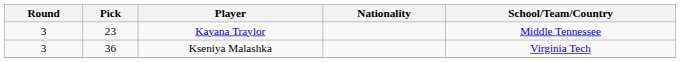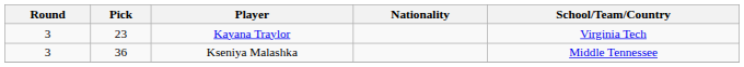 <table class="wikitable" style="text-align:center; width:60em">
 <tr>
 <th>Round</th>
 <th>Pick</th>
 <th>Player</th>
 <th>Nationality</th>
 <th>School/Team/Country</th>
 </tr>
 <tr>
 <td>3</td>
 <td>23</td>
 <td><a href='#'>Kayana Traylor</a></td>
 <td></td>
-<td><a href='#'>Middle Tennessee</a></td>
+<td><a href='#'>Virginia Tech</a></td>
 </tr>
 <tr>
 <td>3</td>
 <td>36</td>
 <td>Kseniya Malashka</td>
 <td></td>
-<td><a href='#'>Virginia Tech</a></td>
+<td><a href='#'>Middle Tennessee</a></td>
 </tr>
 <tr>
 </tr>
 </table>
